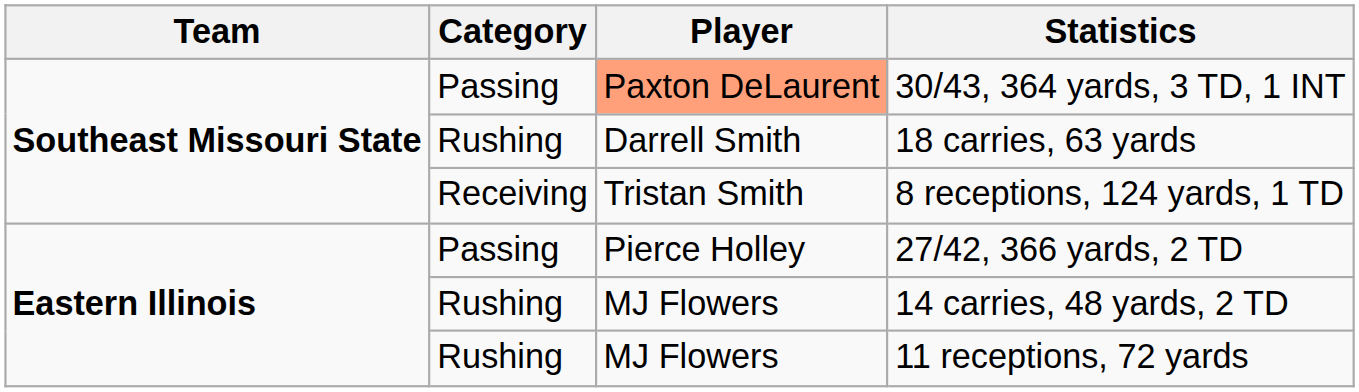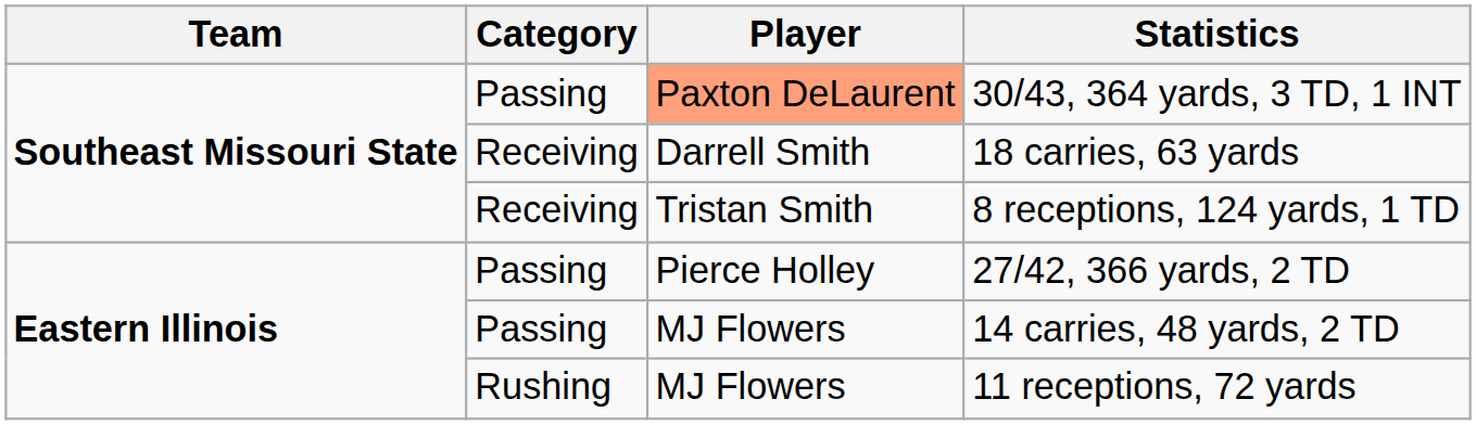 <table class="wikitable" style="float: right;">
 <tr>
 <th>Team</th>
 <th>Category</th>
 <th>Player</th>
 <th>Statistics</th>
 </tr>
 <tr>
 <td rowspan=3><strong>Southeast Missouri State</strong></td>
 <td>Passing</td>
 <td style="background: lightsalmon;">Paxton DeLaurent</td>
 <td>30/43, 364 yards, 3 TD, 1 INT</td>
 </tr>
 <tr>
-<td>Rushing</td>
+<td>Receiving</td>
 <td>Darrell Smith</td>
 <td>18 carries, 63 yards</td>
 </tr>
 <tr>
 <td>Receiving</td>
 <td>Tristan Smith</td>
 <td>8 receptions, 124 yards, 1 TD</td>
 </tr>
 <tr>
 <td rowspan=3><strong>Eastern Illinois</strong></td>
 <td>Passing</td>
 <td>Pierce Holley</td>
 <td>27/42, 366 yards, 2 TD</td>
 </tr>
 <tr>
-<td>Rushing</td>
+<td>Passing</td>
 <td>MJ Flowers</td>
 <td>14 carries, 48 yards, 2 TD</td>
 </tr>
 <tr>
 <td>Rushing</td>
 <td>MJ Flowers</td>
 <td>11 receptions, 72 yards</td>
 </tr>
 </table>
